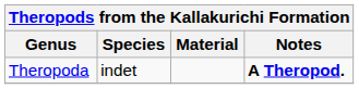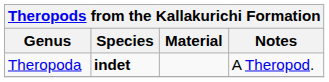 <table class="wikitable" align="center">
 <tr>
 <th colspan="6" align="center"><strong><a href='#'>Theropods</a> from the Kallakurichi Formation</strong></th>
 </tr>
 <tr>
 <th>Genus</th>
 <th>Species</th>
 <th>Material</th>
 <th>Notes</th>
 </tr>
 <tr>
 <td><a href='#'>Theropoda</a></td>
-<td>indet</td>
+<td><strong>indet</strong></td>
 <td></td>
-<td><strong>A <a href='#'>Theropod</a>.</strong></td>
+<td>A <a href='#'>Theropod</a>.</td>
 </tr>
 <tr>
 </tr>
 </table>
